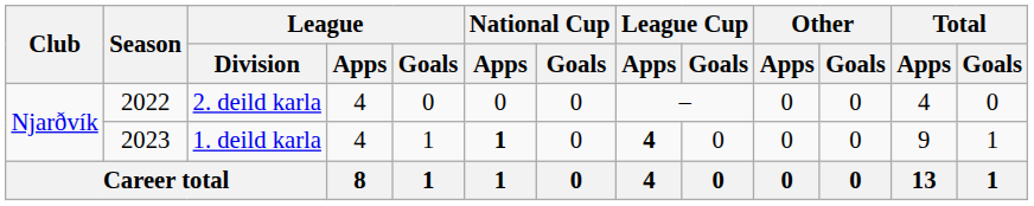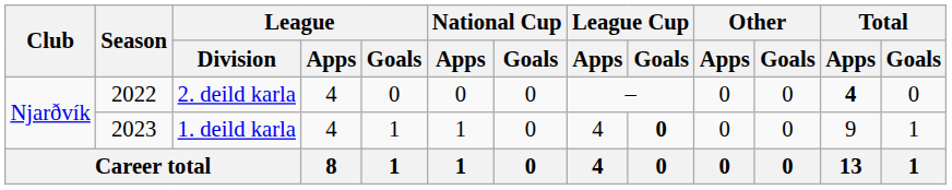 <table class=wikitable style=text-align:center>
 <tr>
 <th rowspan=2>Club</th>
 <th rowspan=2>Season</th>
 <th colspan=3>League</th>
 <th colspan=2>National Cup</th>
 <th colspan=2>League Cup</th>
 <th colspan=2>Other</th>
 <th colspan=2>Total</th>
 </tr>
 <tr>
 <th>Division</th>
 <th>Apps</th>
 <th>Goals</th>
 <th>Apps</th>
 <th>Goals</th>
 <th>Apps</th>
 <th>Goals</th>
 <th>Apps</th>
 <th>Goals</th>
 <th>Apps</th>
 <th>Goals</th>
 </tr>
 <tr>
 <td rowspan="2"><a href='#'>Njarðvík</a></td>
 <td>2022</td>
 <td><a href='#'>2. deild karla</a></td>
 <td>4</td>
 <td>0</td>
 <td>0</td>
 <td>0</td>
 <td colspan="2">–</td>
 <td>0</td>
 <td>0</td>
-<td>4</td>
+<td><strong>4</strong></td>
 <td>0</td>
 </tr>
 <tr>
 <td>2023</td>
 <td><a href='#'>1. deild karla</a></td>
 <td>4</td>
 <td>1</td>
-<td><strong>1</strong></td>
+<td>1</td>
 <td>0</td>
-<td><strong>4</strong></td>
-<td>0</td>
+<td>4</td>
+<td><strong>0</strong></td>
 <td>0</td>
 <td>0</td>
 <td>9</td>
 <td>1</td>
 </tr>
 <tr>
 <th colspan=3>Career total</th>
 <th>8</th>
 <th>1</th>
 <th>1</th>
 <th>0</th>
 <th>4</th>
 <th>0</th>
 <th>0</th>
 <th>0</th>
 <th>13</th>
 <th>1</th>
 </tr>
 </table>
